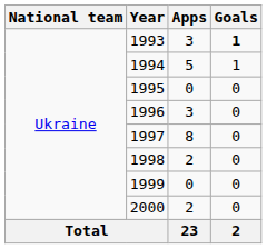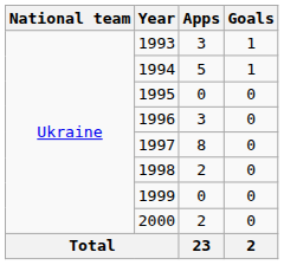 <table class="wikitable" style="text-align:center">
 <tr>
 <th>National team</th>
 <th>Year</th>
 <th>Apps</th>
 <th>Goals</th>
 </tr>
 <tr>
 <td rowspan="8"><a href='#'>Ukraine</a></td>
 <td>1993</td>
 <td>3</td>
-<td><strong>1</strong></td>
+<td>1</td>
 </tr>
 <tr>
 <td>1994</td>
 <td>5</td>
 <td>1</td>
 </tr>
 <tr>
 <td>1995</td>
 <td>0</td>
 <td>0</td>
 </tr>
 <tr>
 <td>1996</td>
 <td>3</td>
 <td>0</td>
 </tr>
 <tr>
 <td>1997</td>
 <td>8</td>
 <td>0</td>
 </tr>
 <tr>
 <td>1998</td>
 <td>2</td>
 <td>0</td>
 </tr>
 <tr>
 <td>1999</td>
 <td>0</td>
 <td>0</td>
 </tr>
 <tr>
 <td>2000</td>
 <td>2</td>
 <td>0</td>
 </tr>
 <tr>
 <th colspan="2">Total</th>
 <th>23</th>
 <th>2</th>
 </tr>
 </table>
